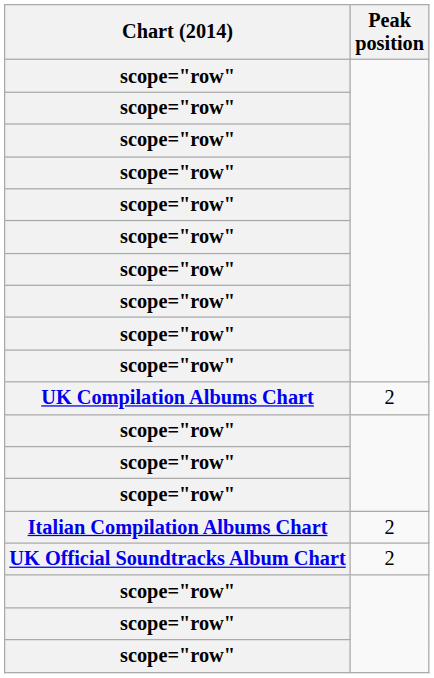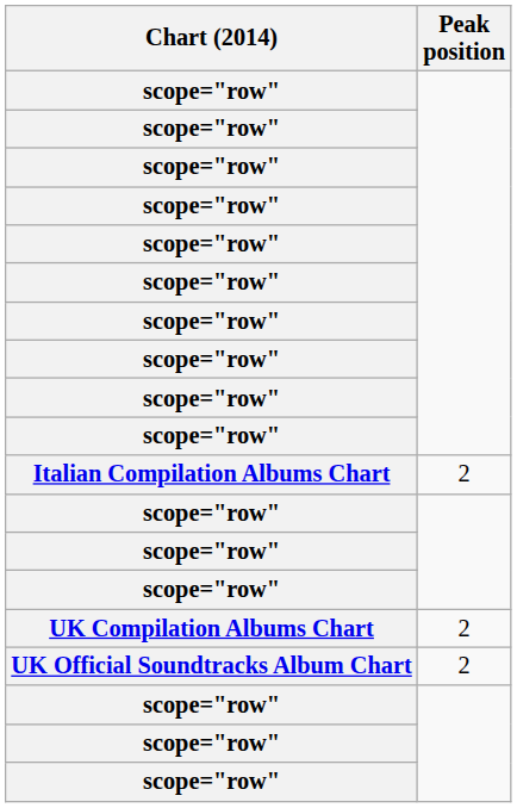 <table class="wikitable sortable plainrowheaders">
 <tr>
 <th>Chart (2014)</th>
 <th>Peak<br>position</th>
 </tr>
 <tr>
 <th>scope="row" </th>
 </tr>
 <tr>
 <th>scope="row" </th>
 </tr>
 <tr>
 <th>scope="row" </th>
 </tr>
 <tr>
 <th>scope="row" </th>
 </tr>
 <tr>
 <th>scope="row" </th>
 </tr>
 <tr>
 <th>scope="row" </th>
 </tr>
 <tr>
 <th>scope="row" </th>
 </tr>
 <tr>
 <th>scope="row" </th>
 </tr>
 <tr>
 <th>scope="row" </th>
 </tr>
 <tr>
 <th>scope="row" </th>
 </tr>
 <tr>
-<th scope="row"><a href='#'>UK Compilation Albums Chart</a></th>
+<th scope="row"><a href='#'>Italian Compilation Albums Chart</a></th>
 <td style="text-align:center;">2</td>
 </tr>
 <tr>
 <th>scope="row" </th>
 </tr>
 <tr>
 <th>scope="row" </th>
 </tr>
 <tr>
 <th>scope="row" </th>
 </tr>
 <tr>
-<th scope="row"><a href='#'>Italian Compilation Albums Chart</a></th>
+<th scope="row"><a href='#'>UK Compilation Albums Chart</a></th>
 <td style="text-align:center;">2</td>
 </tr>
 <tr>
 <th scope="row"><a href='#'>UK Official Soundtracks Album Chart</a></th>
 <td style="text-align:center;">2</td>
 </tr>
 <tr>
 <th>scope="row" </th>
 </tr>
 <tr>
 <th>scope="row" </th>
 </tr>
 <tr>
 <th>scope="row" </th>
 </tr>
 </table>
